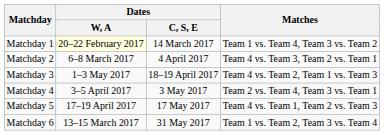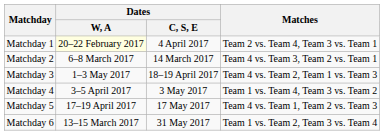 <table class="wikitable" style="text-align:center">
 <tr>
 <th rowspan=2>Matchday</th>
 <th colspan=2>Dates</th>
 <th rowspan=2>Matches</th>
 </tr>
 <tr>
 <th>W, A</th>
 <th>C, S, E</th>
 </tr>
 <tr>
 <td>Matchday 1</td>
 <td style="background: lightyellow;">20–22 February 2017</td>
-<td>14 March 2017</td>
-<td>Team 1 vs. Team 4, Team 3 vs. Team 2</td>
+<td>4 April 2017</td>
+<td>Team 2 vs. Team 4, Team 3 vs. Team 1</td>
 </tr>
 <tr>
 <td>Matchday 2</td>
 <td>6–8 March 2017</td>
-<td>4 April 2017</td>
+<td>14 March 2017</td>
 <td>Team 4 vs. Team 3, Team 2 vs. Team 1</td>
 </tr>
 <tr>
 <td>Matchday 3</td>
 <td>1–3 May 2017</td>
 <td>18–19 April 2017</td>
 <td>Team 4 vs. Team 2, Team 1 vs. Team 3</td>
 </tr>
 <tr>
 <td>Matchday 4</td>
 <td>3–5 April 2017</td>
 <td>3 May 2017</td>
-<td>Team 2 vs. Team 4, Team 3 vs. Team 1</td>
+<td>Team 1 vs. Team 4, Team 3 vs. Team 2</td>
 </tr>
 <tr>
 <td>Matchday 5</td>
 <td>17–19 April 2017</td>
 <td>17 May 2017</td>
 <td>Team 4 vs. Team 1, Team 2 vs. Team 3</td>
 </tr>
 <tr>
 <td>Matchday 6</td>
 <td>13–15 March 2017</td>
 <td>31 May 2017</td>
 <td>Team 1 vs. Team 2, Team 3 vs. Team 4</td>
 </tr>
 </table>
